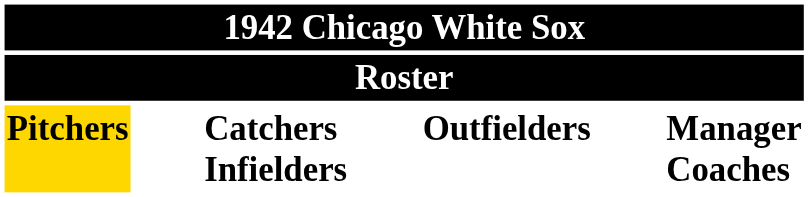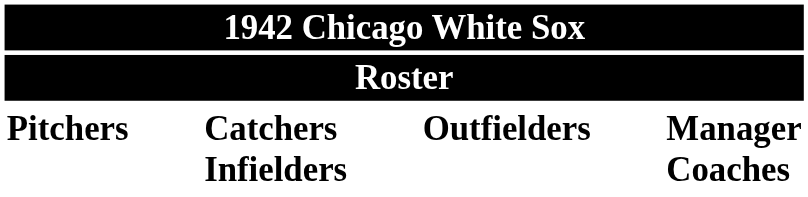 <table class="toccolours" style="font-size: 95%;">
 <tr>
 <th colspan="10" style="background-color: black; color: white; text-align: center;">1942 Chicago White Sox</th>
 </tr>
 <tr>
 <td colspan="10" style="background-color: black; color: white; text-align: center;"><strong>Roster</strong></td>
 </tr>
 <tr>
-<td valign="top" style="background: gold;"><strong>Pitchers</strong><br>            </td>
+<td valign="top"><strong>Pitchers</strong><br>            </td>
 <td width="25px"></td>
 <td valign="top"><strong>Catchers</strong><br>   <strong>Infielders</strong>         </td>
 <td width="25px"></td>
 <td valign="top"><strong>Outfielders</strong><br>       </td>
 <td width="25px"></td>
 <td valign="top"><strong>Manager</strong><br> <strong>Coaches</strong>   </td>
 </tr>
 </table>
